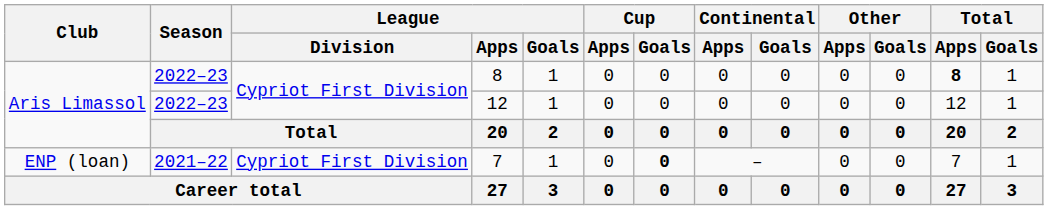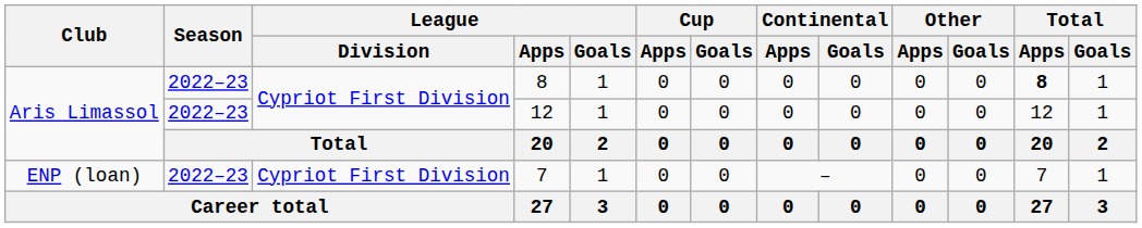 <table class=wikitable style=text-align:center>
 <tr>
 <th rowspan="2">Club</th>
 <th rowspan="2">Season</th>
 <th colspan="3">League</th>
 <th colspan="2">Cup</th>
 <th colspan="2">Continental</th>
 <th colspan="2">Other</th>
 <th colspan="2">Total</th>
 </tr>
 <tr>
 <th>Division</th>
 <th>Apps</th>
 <th>Goals</th>
 <th>Apps</th>
 <th>Goals</th>
 <th>Apps</th>
 <th>Goals</th>
 <th>Apps</th>
 <th>Goals</th>
 <th>Apps</th>
 <th>Goals</th>
 </tr>
 <tr>
 <td rowspan="3"><a href='#'>Aris Limassol</a></td>
 <td><a href='#'>2022–23</a></td>
 <td rowspan="2"><a href='#'>Cypriot First Division</a></td>
 <td>8</td>
 <td>1</td>
 <td>0</td>
 <td>0</td>
 <td>0</td>
 <td>0</td>
 <td>0</td>
 <td>0</td>
 <td><strong>8</strong></td>
 <td>1</td>
 </tr>
 <tr>
 <td><a href='#'>2022–23</a></td>
 <td>12</td>
 <td>1</td>
 <td>0</td>
 <td>0</td>
 <td>0</td>
 <td>0</td>
 <td>0</td>
 <td>0</td>
 <td>12</td>
 <td>1</td>
 </tr>
 <tr>
 <th colspan="2">Total</th>
 <th>20</th>
 <th>2</th>
 <th>0</th>
 <th>0</th>
 <th>0</th>
 <th>0</th>
 <th>0</th>
 <th>0</th>
 <th>20</th>
 <th>2</th>
 </tr>
 <tr>
 <td><a href='#'>ENP</a> (loan)</td>
-<td><a href='#'>2021–22</a></td>
+<td><a href='#'>2022–23</a></td>
 <td><a href='#'>Cypriot First Division</a></td>
 <td>7</td>
 <td>1</td>
 <td>0</td>
-<td><strong>0</strong></td>
+<td>0</td>
 <td colspan="2">–</td>
 <td>0</td>
 <td>0</td>
 <td>7</td>
 <td>1</td>
 </tr>
 <tr>
 <th colspan="3">Career total</th>
 <th>27</th>
 <th>3</th>
 <th>0</th>
 <th>0</th>
 <th>0</th>
 <th>0</th>
 <th>0</th>
 <th>0</th>
 <th>27</th>
 <th>3</th>
 </tr>
 </table>
